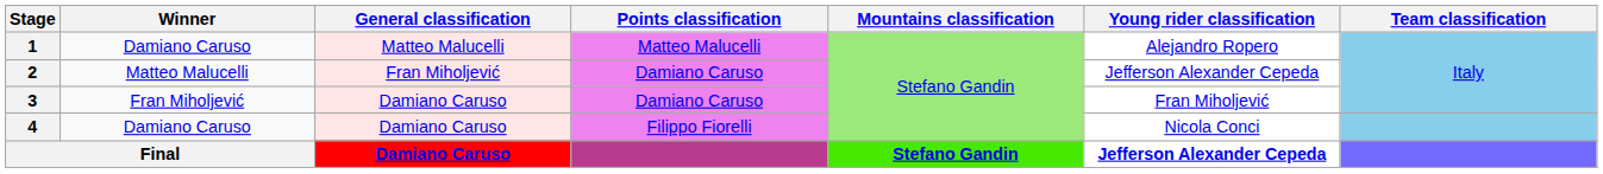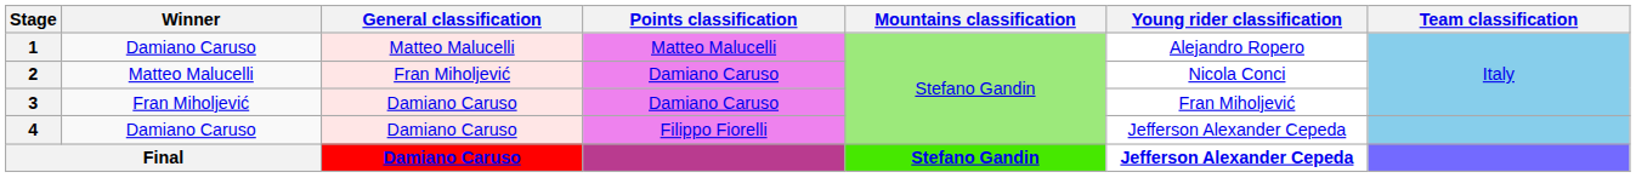 <table class="wikitable" style="text-align: center; font-size:smaller;">
 <tr>
 <th scope="col" width="1%">Stage</th>
 <th scope="col" width="16.5%">Winner</th>
 <th scope="col" width="16.5%"><a href='#'>General classification</a><br></th>
 <th scope="col" width="16.5%"><a href='#'>Points classification</a><br></th>
 <th scope="col" width="16.5%"><a href='#'>Mountains classification</a><br></th>
 <th scope="col" width="16.5%"><a href='#'>Young rider classification</a><br></th>
 <th scope="col" width="16.5%"><a href='#'>Team classification</a></th>
 </tr>
 <tr>
 <th>1</th>
 <td><a href='#'>Damiano Caruso</a></td>
 <td style="background:#FFE6E6;"><a href='#'>Matteo Malucelli</a></td>
 <td style="background:violet;"><a href='#'>Matteo Malucelli</a></td>
 <td style="background:#9CE97B;" rowspan =4><a href='#'>Stefano Gandin</a></td>
 <td style="background:white;"><a href='#'>Alejandro Ropero</a></td>
 <td style="background:skyblue;" rowspan="3"><a href='#'>Italy</a></td>
 </tr>
 <tr>
 <th>2</th>
 <td><a href='#'>Matteo Malucelli</a></td>
 <td style="background:#FFE6E6;"><a href='#'>Fran Miholjević</a></td>
 <td style="background:violet;"><a href='#'>Damiano Caruso</a></td>
-<td style="background:white;"><a href='#'>Jefferson Alexander Cepeda</a></td>
+<td style="background:white;"><a href='#'>Nicola Conci</a></td>
 </tr>
 <tr>
 <th>3</th>
 <td><a href='#'>Fran Miholjević</a></td>
 <td style="background:#FFE6E6;"><a href='#'>Damiano Caruso</a></td>
 <td style="background:violet;"><a href='#'>Damiano Caruso</a></td>
 <td style="background:white;"><a href='#'>Fran Miholjević</a></td>
 </tr>
 <tr>
 <th>4</th>
 <td><a href='#'>Damiano Caruso</a></td>
 <td style="background:#FFE6E6;"><a href='#'>Damiano Caruso</a></td>
 <td style="background:violet;"><a href='#'>Filippo Fiorelli</a></td>
-<td style="background:white;"><a href='#'>Nicola Conci</a></td>
+<td style="background:white;"><a href='#'>Jefferson Alexander Cepeda</a></td>
 <td style="background:skyblue;"></td>
 </tr>
 <tr>
 <th colspan="2">Final</th>
 <th style="background:#f00;"><a href='#'>Damiano Caruso</a></th>
 <th style="background:#B93B8F;"></th>
 <th style="background:#46E800;"><a href='#'>Stefano Gandin</a></th>
 <th style="background:white;"><a href='#'>Jefferson Alexander Cepeda</a></th>
 <th style="background:#736aff;"></th>
 </tr>
 </table>
